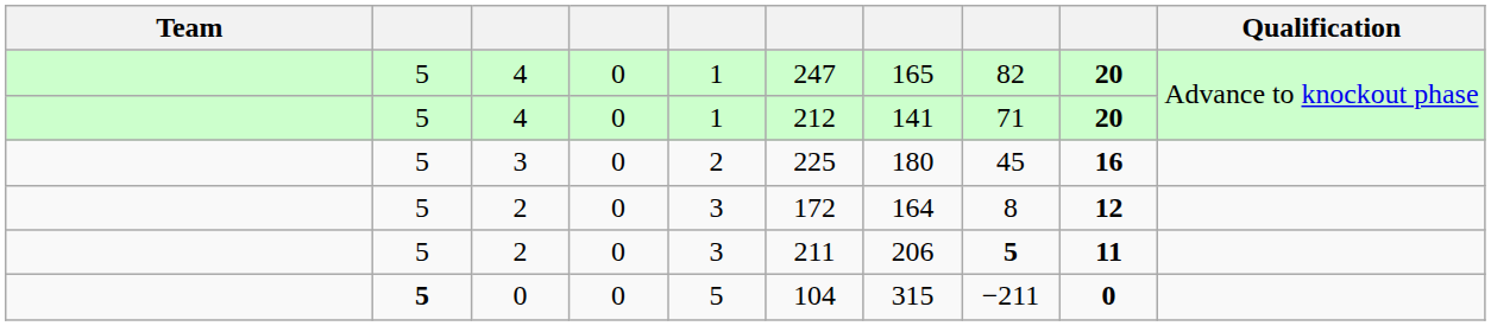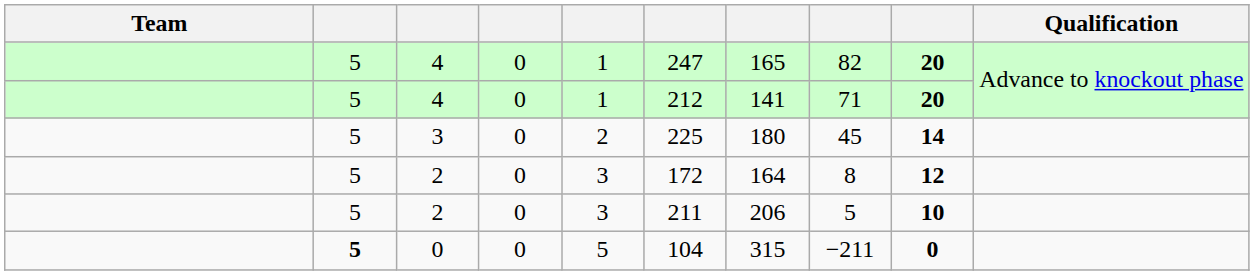 <table class=wikitable style="text-align: center;">
 <tr>
 <th style="width: 12.5em;" scope="col">Team</th>
 <th style="width: 3em;" scope="col"></th>
 <th style="width: 3em;" scope="col"></th>
 <th style="width: 3em;" scope="col"></th>
 <th style="width: 3em;" scope="col"></th>
 <th style="width: 3em;" scope="col"></th>
 <th style="width: 3em;" scope="col"></th>
 <th style="width: 3em;" scope="col"></th>
 <th style="width: 3em;" scope="col"></th>
 <th scope="col">Qualification</th>
 </tr>
 <tr style="background-color: #CCFFCC;">
 <td style="text-align: left;"></td>
 <td>5</td>
 <td>4</td>
 <td>0</td>
 <td>1</td>
 <td>247</td>
 <td>165</td>
 <td>82</td>
 <td><strong>20</strong></td>
 <td rowspan="2">Advance to <a href='#'>knockout phase</a></td>
 </tr>
 <tr style="background-color: #CCFFCC;">
 <td style="text-align: left;"></td>
 <td>5</td>
 <td>4</td>
 <td>0</td>
 <td>1</td>
 <td>212</td>
 <td>141</td>
 <td>71</td>
 <td><strong>20</strong></td>
 </tr>
 <tr>
 <td style="text-align: left;"></td>
 <td>5</td>
 <td>3</td>
 <td>0</td>
 <td>2</td>
 <td>225</td>
 <td>180</td>
 <td>45</td>
-<td><strong>16</strong></td>
+<td><strong>14</strong></td>
 <td></td>
 </tr>
 <tr>
 <td style="text-align: left;"></td>
 <td>5</td>
 <td>2</td>
 <td>0</td>
 <td>3</td>
 <td>172</td>
 <td>164</td>
 <td>8</td>
 <td><strong>12</strong></td>
 <td></td>
 </tr>
 <tr>
 <td style="text-align: left;"></td>
 <td>5</td>
 <td>2</td>
 <td>0</td>
 <td>3</td>
 <td>211</td>
 <td>206</td>
-<td><strong>5</strong></td>
-<td><strong>11</strong></td>
+<td>5</td>
+<td><strong>10</strong></td>
 <td></td>
 </tr>
 <tr>
 <td style="text-align: left;"></td>
 <td><strong>5</strong></td>
 <td>0</td>
 <td>0</td>
 <td>5</td>
 <td>104</td>
 <td>315</td>
 <td>−211</td>
 <td><strong>0</strong></td>
 <td></td>
 </tr>
 </table>
